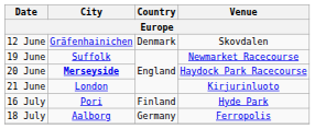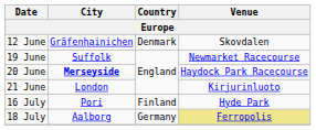 <table class="wikitable" style="text-align:center;">
 <tr>
 <th scope="col">Date</th>
 <th scope="col">City</th>
 <th scope="col">Country</th>
 <th scope="col">Venue</th>
 </tr>
 <tr>
 <th colspan="7">Europe</th>
 </tr>
 <tr>
 <td>12 June</td>
 <td><a href='#'>Gräfenhainichen</a></td>
 <td>Denmark</td>
 <td>Skovdalen</td>
 </tr>
 <tr>
 <td>19 June</td>
 <td><a href='#'>Suffolk</a></td>
 <td rowspan="3">England</td>
 <td><a href='#'>Newmarket Racecourse</a></td>
 </tr>
 <tr>
 <td>20 June</td>
 <td><strong><a href='#'>Merseyside</a></strong></td>
 <td><a href='#'>Haydock Park Racecourse</a></td>
 </tr>
 <tr>
 <td>21 June</td>
 <td><a href='#'>London</a></td>
 <td><a href='#'>Kirjurinluoto</a></td>
 </tr>
 <tr>
 <td>16 July</td>
 <td><a href='#'>Pori</a></td>
 <td>Finland</td>
 <td><a href='#'>Hyde Park</a></td>
 </tr>
 <tr>
 <td>18 July</td>
 <td><a href='#'>Aalborg</a></td>
 <td>Germany</td>
-<td><a href='#'>Ferropolis</a></td>
+<td style="background: khaki;"><a href='#'>Ferropolis</a></td>
 </tr>
 <tr>
 </tr>
 </table>
